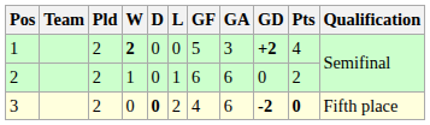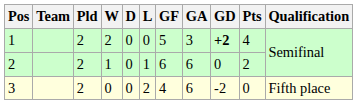 <table class="wikitable sortable"  style=" font-size:90%; text-align"center;">
 <tr>
 <th>Pos</th>
 <th>Team</th>
 <th>Pld</th>
 <th>W</th>
 <th>D</th>
 <th>L</th>
 <th>GF</th>
 <th>GA</th>
 <th>GD</th>
 <th>Pts</th>
 <th>Qualification</th>
 </tr>
 <tr bgcolor="#CCFFCC">
 <td>1</td>
 <td></td>
 <td>2</td>
-<td><strong>2</strong></td>
+<td>2</td>
 <td>0</td>
 <td>0</td>
 <td>5</td>
 <td>3</td>
 <td><strong>+2</strong></td>
 <td>4</td>
 <td rowspan="2">Semifinal</td>
 </tr>
 <tr bgcolor="#CCFFCC">
 <td>2</td>
 <td></td>
 <td>2</td>
 <td>1</td>
 <td>0</td>
 <td>1</td>
 <td>6</td>
 <td>6</td>
 <td>0</td>
 <td>2</td>
 </tr>
 <tr bgcolor="#FFD">
 <td>3</td>
 <td></td>
 <td>2</td>
 <td>0</td>
-<td><strong>0</strong></td>
+<td>0</td>
 <td>2</td>
 <td>4</td>
 <td>6</td>
-<td><strong>-2</strong></td>
-<td><strong>0</strong></td>
+<td>-2</td>
+<td>0</td>
 <td>Fifth place</td>
 </tr>
 </table>
